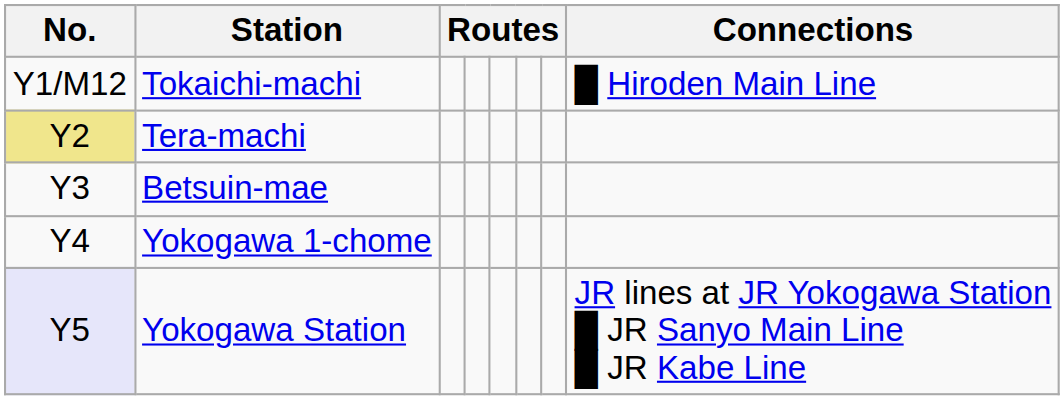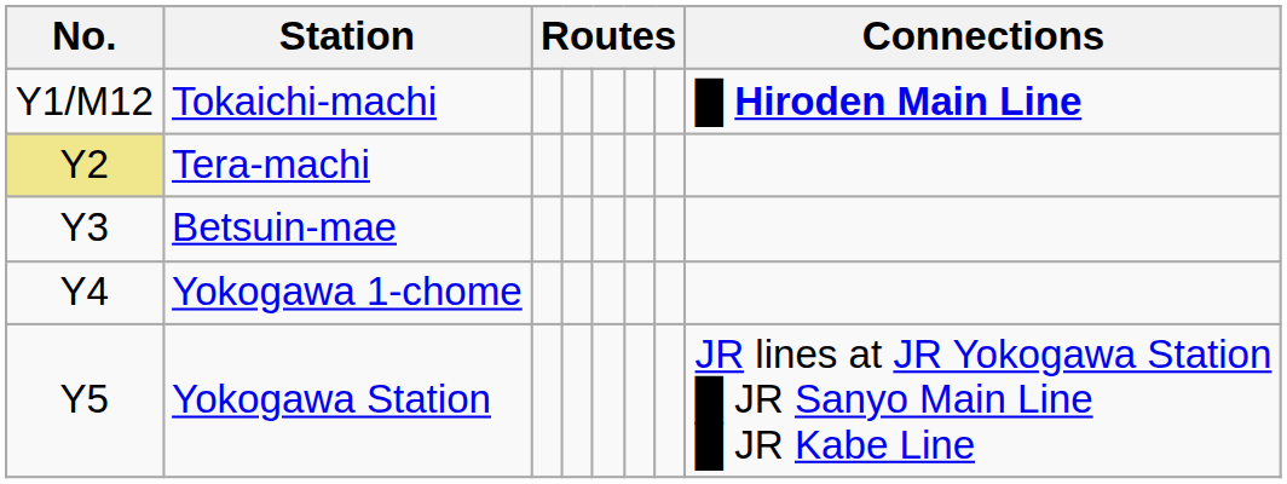 <table class="wikitable">
 <tr>
 <th scope="col">No.</th>
 <th scope="col">Station</th>
 <th scope="col" colspan="5">Routes</th>
 <th scope="col">Connections</th>
 </tr>
 <tr align=center>
 <td>Y1/M12</td>
 <td align="left"><a href='#'>Tokaichi-machi</a></td>
 <td></td>
 <td></td>
 <td></td>
 <td></td>
 <td></td>
-<td align="left"><span>█</span> <a href='#'>Hiroden Main Line</a></td>
+<td align="left"><strong><span>█</span> <a href='#'>Hiroden Main Line</a></strong></td>
 </tr>
 <tr align=center>
 <td style="background: khaki;">Y2</td>
 <td align="left"><a href='#'>Tera-machi</a></td>
 <td></td>
 <td></td>
 <td></td>
 <td></td>
 <td></td>
 <td></td>
 </tr>
 <tr align=center>
 <td>Y3</td>
 <td align="left"><a href='#'>Betsuin-mae</a></td>
 <td></td>
 <td></td>
 <td></td>
 <td></td>
 <td></td>
 <td></td>
 </tr>
 <tr align=center>
 <td>Y4</td>
 <td align="left"><a href='#'>Yokogawa 1-chome</a></td>
 <td></td>
 <td></td>
 <td></td>
 <td></td>
 <td></td>
 <td></td>
 </tr>
 <tr align=center>
-<td style="background: lavender;">Y5</td>
+<td>Y5</td>
 <td align="left"><a href='#'>Yokogawa Station</a></td>
 <td></td>
 <td></td>
 <td></td>
 <td></td>
 <td></td>
 <td align="left"><a href='#'>JR</a> lines at <a href='#'>JR Yokogawa Station</a><br><span>█</span> JR <a href='#'>Sanyo Main Line</a><br><span>█</span> JR <a href='#'>Kabe Line</a></td>
 </tr>
 </table>
